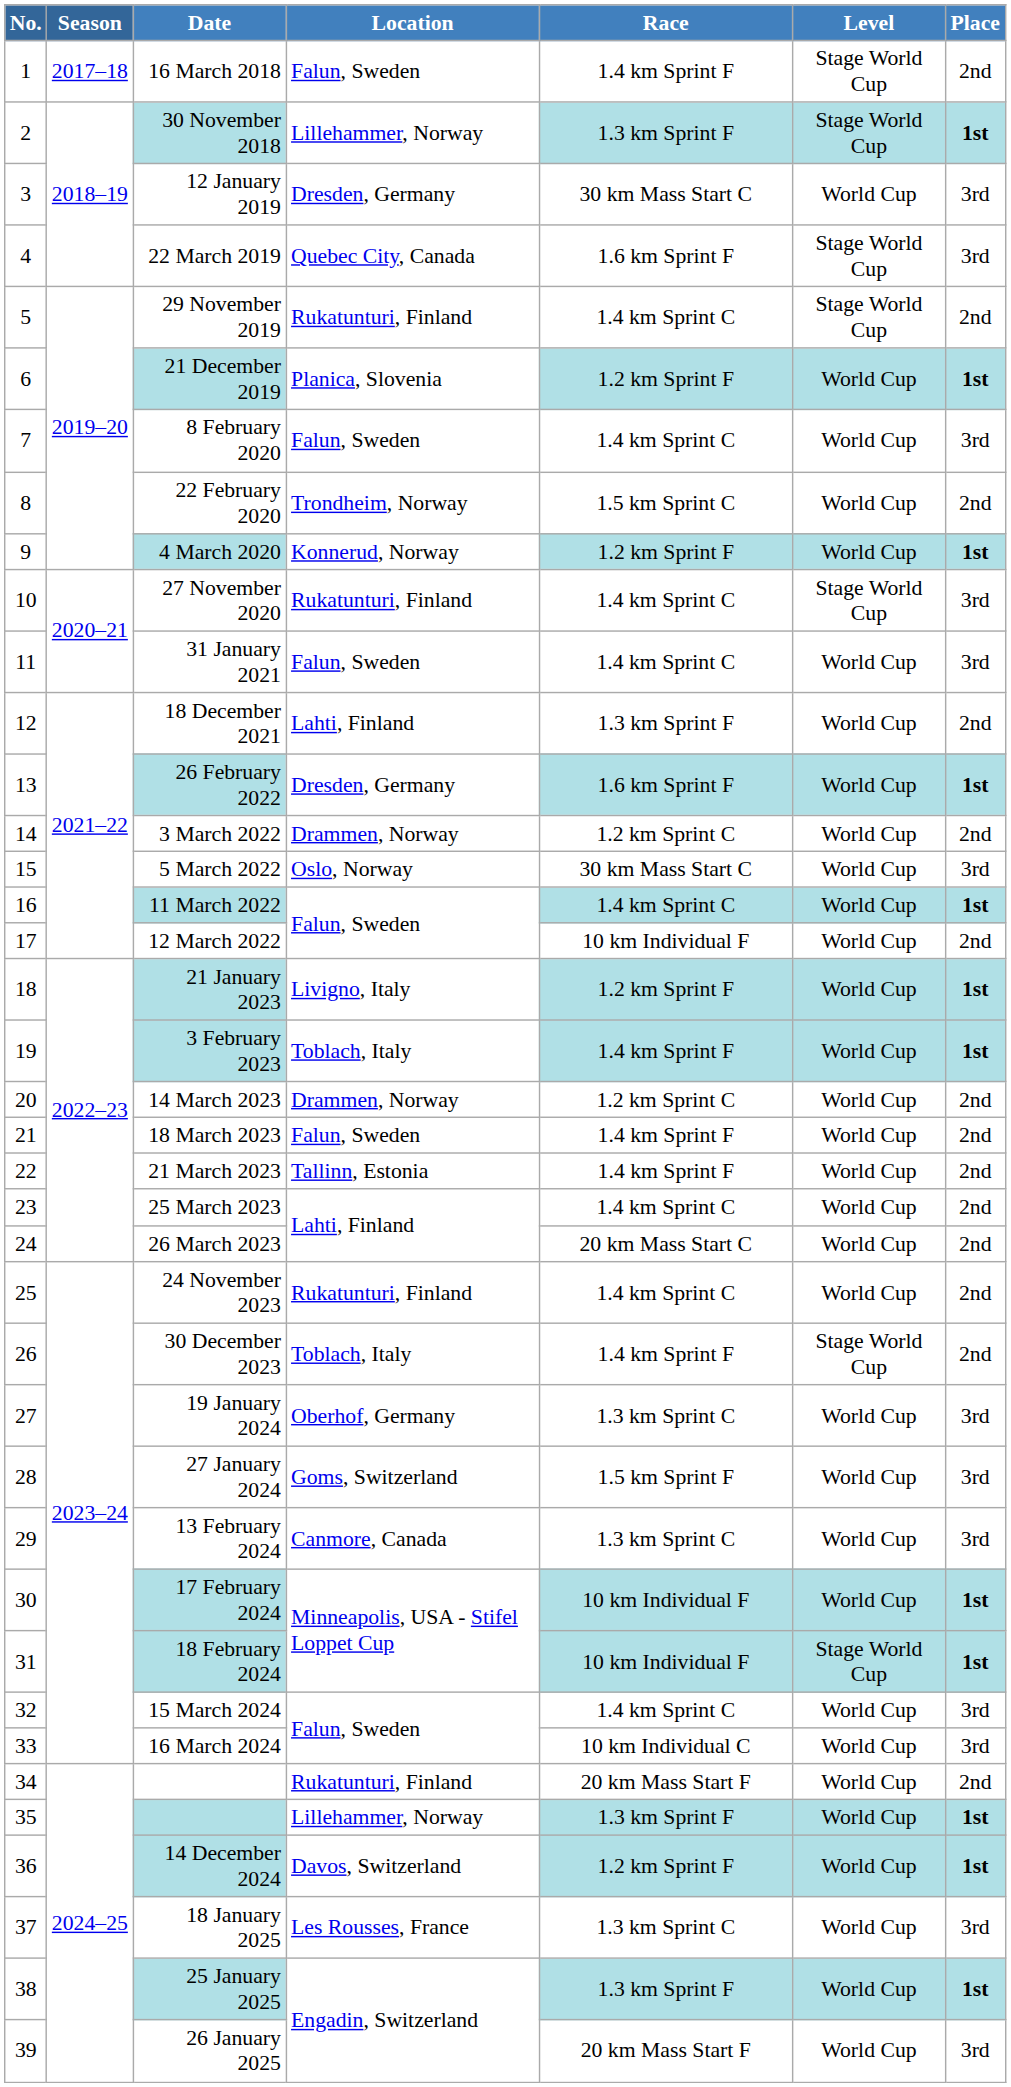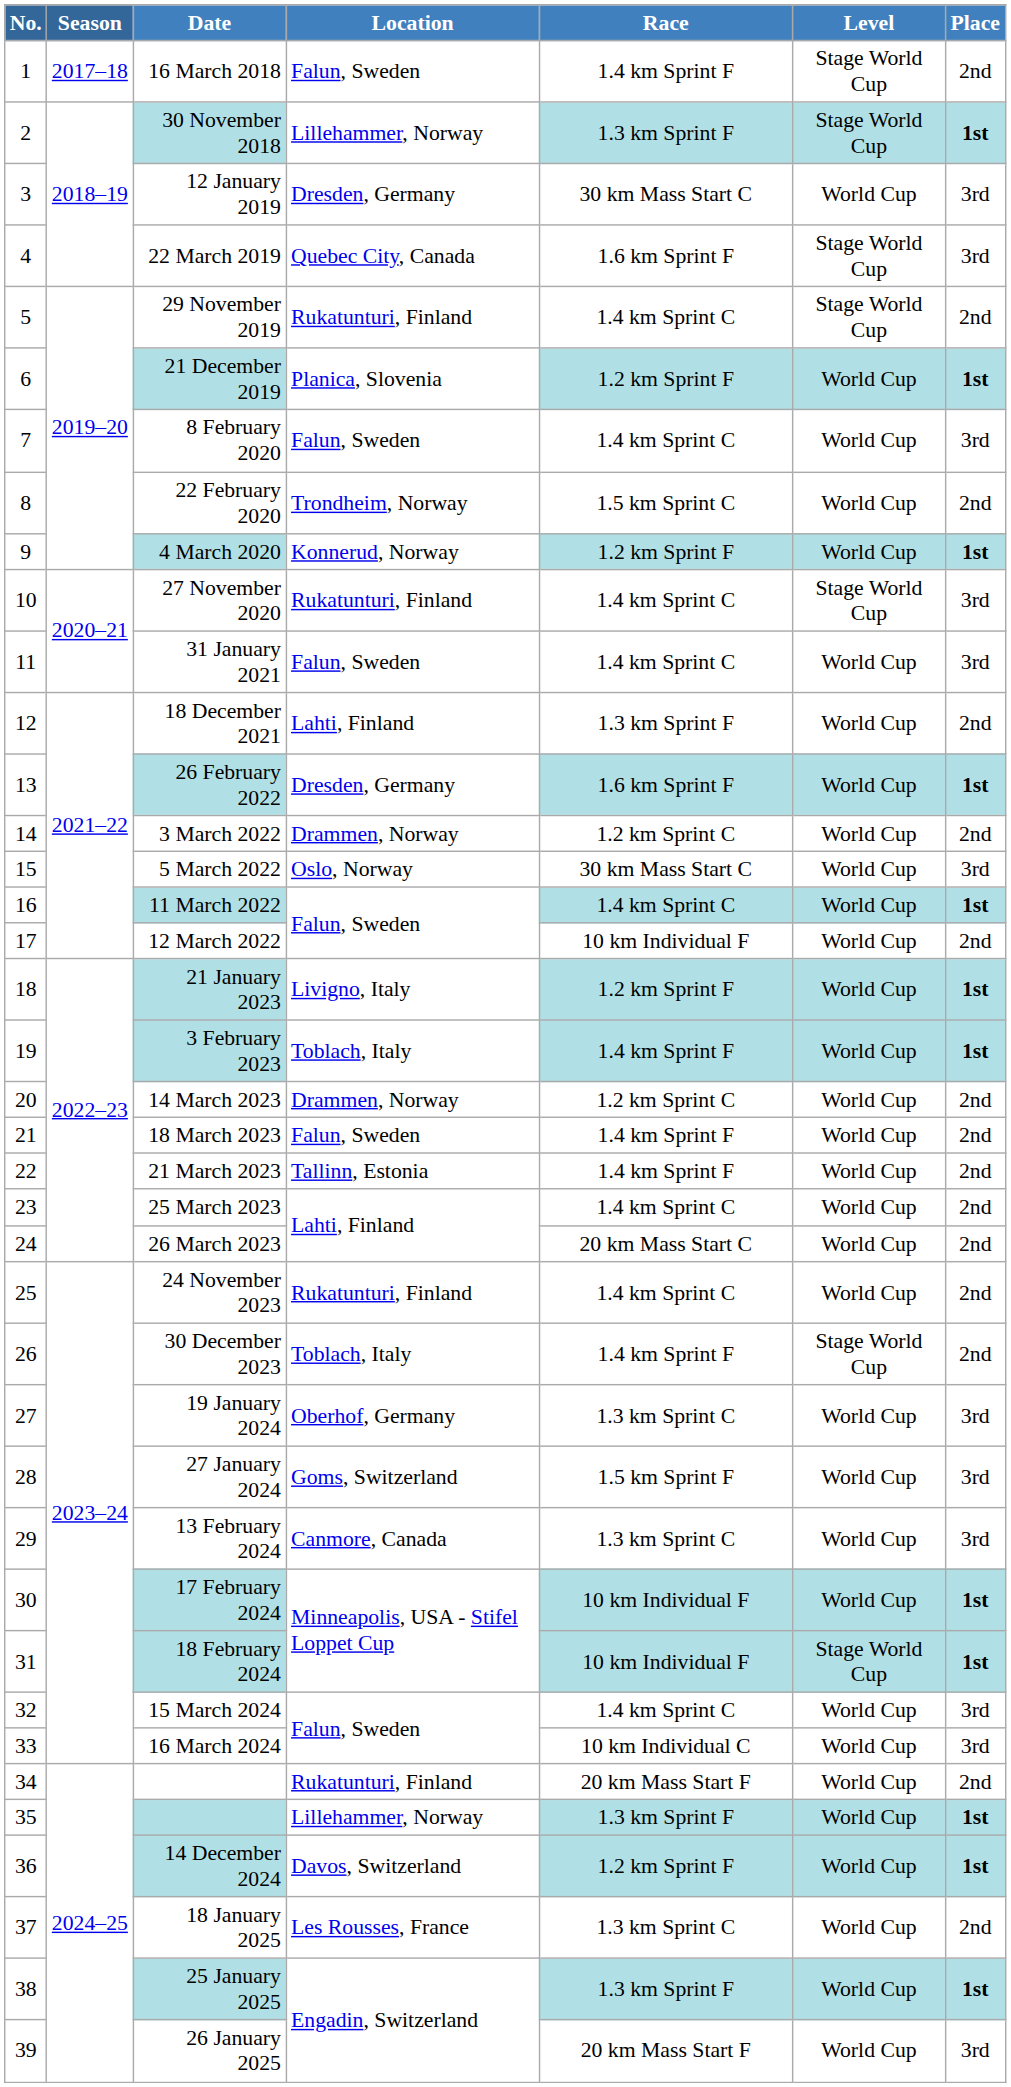 <table class="wikitable sortable" style="font-size:95%; text-align:center; border:grey solid 1px; border-collapse:collapse; background:#ffffff;">
 <tr style="background:#efefef;">
 <th style="background-color:#369; color:white;">No.</th>
 <th style="background-color:#369; color:white;">Season</th>
 <th style="background-color:#4180be; color:white; width:100px;">Date</th>
 <th style="background-color:#4180be; color:white; width:170px;">Location</th>
 <th style="background-color:#4180be; color:white; width:170px;">Race</th>
 <th style="background-color:#4180be; color:white; width:100px;">Level</th>
 <th style="background-color:#4180be; color:white;">Place</th>
 </tr>
 <tr>
 <td align=center>1</td>
 <td align=center><a href='#'>2017–18</a></td>
 <td align=right>16 March 2018</td>
 <td align=left> <a href='#'>Falun</a>, Sweden</td>
 <td>1.4 km Sprint F</td>
 <td>Stage World Cup</td>
 <td>2nd</td>
 </tr>
 <tr>
 <td align=center>2</td>
 <td rowspan=3 align=center><a href='#'>2018–19</a></td>
 <td bgcolor="#BOEOE6" align=right>30 November 2018</td>
 <td align=left> <a href='#'>Lillehammer</a>, Norway</td>
 <td bgcolor="#BOEOE6">1.3 km Sprint F</td>
 <td bgcolor="#BOEOE6">Stage World Cup</td>
 <td bgcolor="#BOEOE6"><strong>1st</strong></td>
 </tr>
 <tr>
 <td align=center>3</td>
 <td align=right>12 January 2019</td>
 <td align=left> <a href='#'>Dresden</a>, Germany</td>
 <td>30 km Mass Start C</td>
 <td>World Cup</td>
 <td>3rd</td>
 </tr>
 <tr>
 <td align=center>4</td>
 <td align=right>22 March 2019</td>
 <td align=left> <a href='#'>Quebec City</a>, Canada</td>
 <td>1.6 km Sprint F</td>
 <td>Stage World Cup</td>
 <td>3rd</td>
 </tr>
 <tr>
 <td align=center>5</td>
 <td rowspan=5 align=center><a href='#'>2019–20</a></td>
 <td align=right>29 November 2019</td>
 <td align=left> <a href='#'>Rukatunturi</a>, Finland</td>
 <td>1.4 km Sprint C</td>
 <td>Stage World Cup</td>
 <td>2nd</td>
 </tr>
 <tr>
 <td align=center>6</td>
 <td bgcolor="#BOEOE6" align=right>21 December 2019</td>
 <td align=left> <a href='#'>Planica</a>, Slovenia</td>
 <td bgcolor="#BOEOE6">1.2 km Sprint F</td>
 <td bgcolor="#BOEOE6">World Cup</td>
 <td bgcolor="#BOEOE6"><strong>1st</strong></td>
 </tr>
 <tr>
 <td align=center>7</td>
 <td align=right>8 February 2020</td>
 <td align=left> <a href='#'>Falun</a>, Sweden</td>
 <td>1.4 km Sprint C</td>
 <td>World Cup</td>
 <td>3rd</td>
 </tr>
 <tr>
 <td align=center>8</td>
 <td align=right>22 February 2020</td>
 <td align=left> <a href='#'>Trondheim</a>, Norway</td>
 <td>1.5 km Sprint C</td>
 <td>World Cup</td>
 <td>2nd</td>
 </tr>
 <tr>
 <td align=center>9</td>
 <td bgcolor="#BOEOE6" align=right>4 March 2020</td>
 <td align=left> <a href='#'>Konnerud</a>, Norway</td>
 <td bgcolor="#BOEOE6">1.2 km Sprint F</td>
 <td bgcolor="#BOEOE6">World Cup</td>
 <td bgcolor="#BOEOE6"><strong>1st</strong></td>
 </tr>
 <tr>
 <td align=center>10</td>
 <td rowspan=2 align=center><a href='#'>2020–21</a></td>
 <td align=right>27 November 2020</td>
 <td align=left> <a href='#'>Rukatunturi</a>, Finland</td>
 <td>1.4 km Sprint C</td>
 <td>Stage World Cup</td>
 <td>3rd</td>
 </tr>
 <tr>
 <td align=center>11</td>
 <td align=right>31 January  2021</td>
 <td align=left> <a href='#'>Falun</a>, Sweden</td>
 <td>1.4 km Sprint C</td>
 <td>World Cup</td>
 <td>3rd</td>
 </tr>
 <tr>
 <td align=center>12</td>
 <td rowspan=6 align=center><a href='#'>2021–22</a></td>
 <td align=right>18 December 2021</td>
 <td align=left> <a href='#'>Lahti</a>, Finland</td>
 <td>1.3 km Sprint F</td>
 <td>World Cup</td>
 <td>2nd</td>
 </tr>
 <tr>
 <td align=center>13</td>
 <td bgcolor="#BOEOE6" align=right>26 February 2022</td>
 <td align=left> <a href='#'>Dresden</a>, Germany</td>
 <td bgcolor="#BOEOE6">1.6 km Sprint F</td>
 <td bgcolor="#BOEOE6">World Cup</td>
 <td bgcolor="#BOEOE6"><strong>1st</strong></td>
 </tr>
 <tr>
 <td align=center>14</td>
 <td align=right>3 March 2022</td>
 <td align=left> <a href='#'>Drammen</a>, Norway</td>
 <td>1.2 km Sprint C</td>
 <td>World Cup</td>
 <td>2nd</td>
 </tr>
 <tr>
 <td align=center>15</td>
 <td align=right>5 March 2022</td>
 <td align=left> <a href='#'>Oslo</a>, Norway</td>
 <td>30 km Mass Start C</td>
 <td>World Cup</td>
 <td>3rd</td>
 </tr>
 <tr>
 <td align=center>16</td>
 <td bgcolor="#BOEOE6" align=right>11 March 2022</td>
 <td rowspan=2 align=left> <a href='#'>Falun</a>, Sweden</td>
 <td bgcolor="#BOEOE6">1.4 km Sprint C</td>
 <td bgcolor="#BOEOE6">World Cup</td>
 <td bgcolor="#BOEOE6"><strong>1st</strong></td>
 </tr>
 <tr>
 <td align=center>17</td>
 <td align=right>12 March 2022</td>
 <td>10 km Individual F</td>
 <td>World Cup</td>
 <td>2nd</td>
 </tr>
 <tr>
 <td align=center>18</td>
 <td rowspan=7 align=center><a href='#'>2022–23</a></td>
 <td bgcolor="#BOEOE6" align=right>21 January 2023</td>
 <td align=left> <a href='#'>Livigno</a>, Italy</td>
 <td bgcolor="#BOEOE6">1.2 km Sprint F</td>
 <td bgcolor="#BOEOE6">World Cup</td>
 <td bgcolor="#BOEOE6"><strong>1st</strong></td>
 </tr>
 <tr>
 <td align=center>19</td>
 <td bgcolor="#BOEOE6" align=right>3 February 2023</td>
 <td align=left> <a href='#'>Toblach</a>, Italy</td>
 <td bgcolor="#BOEOE6">1.4 km Sprint F</td>
 <td bgcolor="#BOEOE6">World Cup</td>
 <td bgcolor="#BOEOE6"><strong>1st</strong></td>
 </tr>
 <tr>
 <td align=center>20</td>
 <td align=right>14 March 2023</td>
 <td align=left> <a href='#'>Drammen</a>, Norway</td>
 <td>1.2 km Sprint C</td>
 <td>World Cup</td>
 <td>2nd</td>
 </tr>
 <tr>
 <td align=center>21</td>
 <td align=right>18 March 2023</td>
 <td align=left> <a href='#'>Falun</a>, Sweden</td>
 <td>1.4 km Sprint F</td>
 <td>World Cup</td>
 <td>2nd</td>
 </tr>
 <tr>
 <td align=center>22</td>
 <td align=right>21 March 2023</td>
 <td align=left> <a href='#'>Tallinn</a>, Estonia</td>
 <td>1.4 km Sprint F</td>
 <td>World Cup</td>
 <td>2nd</td>
 </tr>
 <tr>
 <td align=center>23</td>
 <td align=right>25 March 2023</td>
 <td rowspan=2 align=left> <a href='#'>Lahti</a>, Finland</td>
 <td>1.4 km Sprint C</td>
 <td>World Cup</td>
 <td>2nd</td>
 </tr>
 <tr>
 <td align=center>24</td>
 <td align=right>26 March 2023</td>
 <td>20 km Mass Start C</td>
 <td>World Cup</td>
 <td>2nd</td>
 </tr>
 <tr>
 <td align=center>25</td>
 <td rowspan=9 align=center><a href='#'>2023–24</a></td>
 <td align=right>24 November 2023</td>
 <td align=left> <a href='#'>Rukatunturi</a>, Finland</td>
 <td>1.4 km Sprint C</td>
 <td>World Cup</td>
 <td>2nd</td>
 </tr>
 <tr>
 <td align=center>26</td>
 <td align=right>30 December 2023</td>
 <td align=left> <a href='#'>Toblach</a>, Italy</td>
 <td>1.4 km Sprint F</td>
 <td>Stage World Cup</td>
 <td>2nd</td>
 </tr>
 <tr>
 <td align=center>27</td>
 <td align=right>19 January 2024</td>
 <td align=left> <a href='#'>Oberhof</a>, Germany</td>
 <td>1.3 km Sprint C</td>
 <td>World Cup</td>
 <td>3rd</td>
 </tr>
 <tr>
 <td align=center>28</td>
 <td align=right>27 January 2024</td>
 <td align=left> <a href='#'>Goms</a>, Switzerland</td>
 <td>1.5 km Sprint F</td>
 <td>World Cup</td>
 <td>3rd</td>
 </tr>
 <tr>
 <td align=center>29</td>
 <td align=right>13 February 2024</td>
 <td align=left> <a href='#'>Canmore</a>, Canada</td>
 <td>1.3 km Sprint C</td>
 <td>World Cup</td>
 <td>3rd</td>
 </tr>
 <tr>
 <td align=center>30</td>
 <td bgcolor="#BOEOE6" align=right>17 February 2024</td>
 <td align=left rowspan=2> <a href='#'>Minneapolis</a>, USA - <a href='#'>Stifel Loppet Cup</a></td>
 <td bgcolor="#BOEOE6">10 km Individual F</td>
 <td bgcolor="#BOEOE6">World Cup</td>
 <td bgcolor="#BOEOE6"><strong>1st</strong></td>
 </tr>
 <tr>
 <td align=center>31</td>
 <td bgcolor="#BOEOE6" align=right>18 February 2024</td>
 <td bgcolor="#BOEOE6">10 km Individual F</td>
 <td bgcolor="#BOEOE6">Stage World Cup</td>
 <td bgcolor="#BOEOE6"><strong>1st</strong></td>
 </tr>
 <tr>
 <td align=center>32</td>
 <td align=right>15 March 2024</td>
 <td rowspan=2 align=left> <a href='#'>Falun</a>, Sweden</td>
 <td>1.4 km Sprint C</td>
 <td>World Cup</td>
 <td>3rd</td>
 </tr>
 <tr>
 <td align=center>33</td>
 <td align=right>16 March 2024</td>
 <td>10 km Individual C</td>
 <td>World Cup</td>
 <td>3rd</td>
 </tr>
 <tr>
 <td align=center>34</td>
 <td rowspan="6" align="center"><a href='#'>2024–25</a></td>
 <td align=right></td>
 <td rowspan=1 align=left> <a href='#'>Rukatunturi</a>, Finland</td>
 <td>20 km Mass Start F</td>
 <td>World Cup</td>
 <td>2nd</td>
 </tr>
 <tr>
 <td align=center>35</td>
 <td bgcolor="#BOEOE6" align=right></td>
 <td align=left> <a href='#'>Lillehammer</a>, Norway</td>
 <td bgcolor="#BOEOE6">1.3 km Sprint F</td>
 <td bgcolor="#BOEOE6">World Cup</td>
 <td bgcolor="#BOEOE6"><strong>1st</strong></td>
 </tr>
 <tr>
 <td align=center>36</td>
 <td bgcolor="#BOEOE6" align=right>14 December 2024</td>
 <td align=left> <a href='#'>Davos</a>, Switzerland</td>
 <td bgcolor="#BOEOE6">1.2 km Sprint F</td>
 <td bgcolor="#BOEOE6">World Cup</td>
 <td bgcolor="#BOEOE6"><strong>1st</strong></td>
 </tr>
 <tr>
 <td align=center>37</td>
 <td align=right>18 January 2025</td>
 <td align=left> <a href='#'>Les Rousses</a>, France</td>
 <td>1.3 km Sprint C</td>
 <td>World Cup</td>
-<td>3rd</td>
+<td>2nd</td>
 </tr>
 <tr>
 <td align=center>38</td>
 <td bgcolor="#BOEOE6" align=right>25 January  2025</td>
 <td rowspan=2 align=left> <a href='#'>Engadin</a>, Switzerland</td>
 <td bgcolor="#BOEOE6">1.3 km Sprint F</td>
 <td bgcolor="#BOEOE6">World Cup</td>
 <td bgcolor="#BOEOE6"><strong>1st</strong></td>
 </tr>
 <tr>
 <td align=center>39</td>
 <td align=right>26 January  2025</td>
 <td>20 km Mass Start F</td>
 <td>World Cup</td>
 <td>3rd</td>
 </tr>
 </table>
